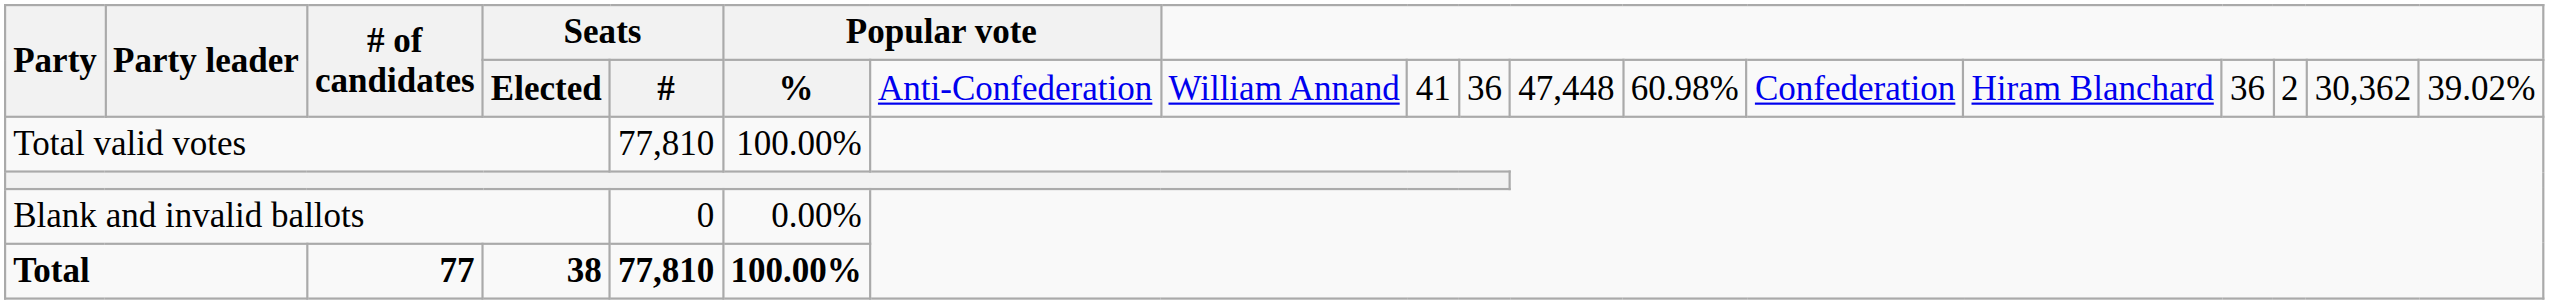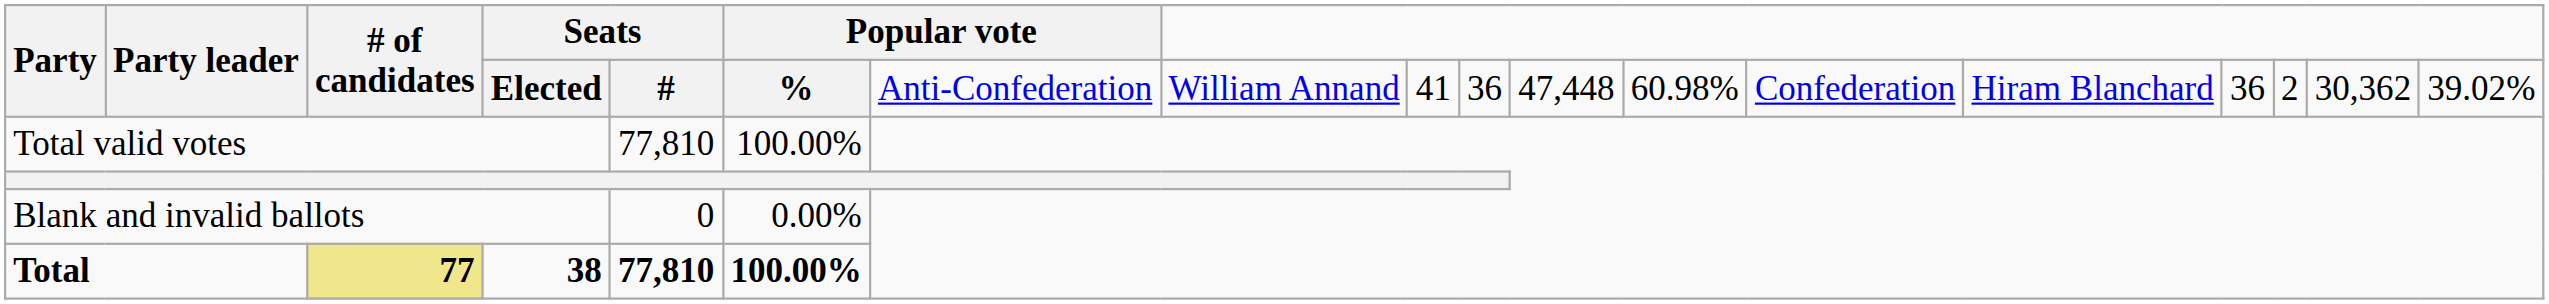 <table class="wikitable">
 <tr>
 <th rowspan="2" colspan="2">Party</th>
 <th rowspan="2">Party leader</th>
 <th rowspan="2"># of<br>candidates</th>
 <th colspan="2">Seats</th>
 <th colspan="2">Popular vote</th>
 </tr>
 <tr>
 <th>Elected</th>
 <th>#</th>
 <th>%<br></th>
 <td><a href='#'>Anti-Confederation</a></td>
 <td><a href='#'>William Annand</a></td>
 <td align="right">41</td>
 <td align="right">36</td>
 <td align="right">47,448</td>
 <td align="right">60.98%<br></td>
 <td><a href='#'>Confederation</a></td>
 <td><a href='#'>Hiram Blanchard</a></td>
 <td align="right">36</td>
 <td align="right">2</td>
 <td align="right">30,362</td>
 <td align="right">39.02%</td>
 </tr>
 <tr>
 <td colspan="5">Total valid votes</td>
 <td align="right">77,810</td>
 <td align="right">100.00%</td>
 </tr>
 <tr>
 <th colspan="11"></th>
 </tr>
 <tr>
 <td colspan="5">Blank and invalid ballots</td>
 <td align="right">0</td>
 <td align="right">0.00%</td>
 </tr>
 <tr>
 <td colspan=3><strong>Total</strong></td>
-<td align="right"><strong>77</strong></td>
+<td align="right" style="background: khaki;"><strong>77</strong></td>
 <td align="right"><strong>38</strong></td>
 <td align="right"><strong>77,810</strong></td>
 <td align="right"><strong>100.00%</strong></td>
 </tr>
 </table>
